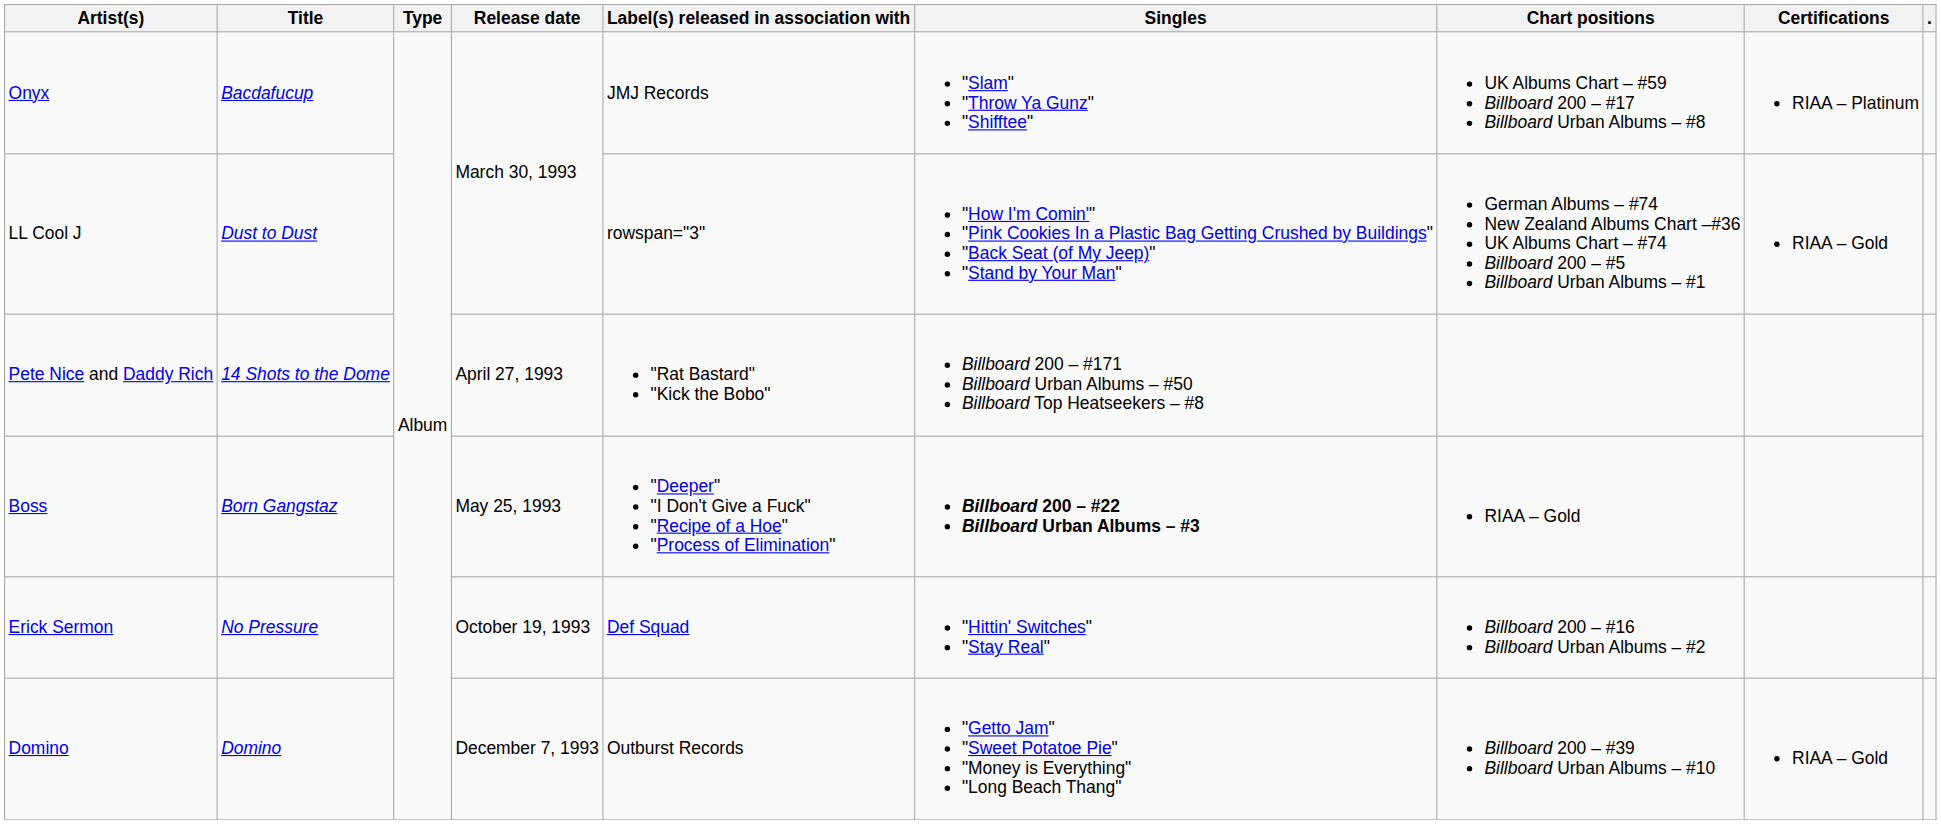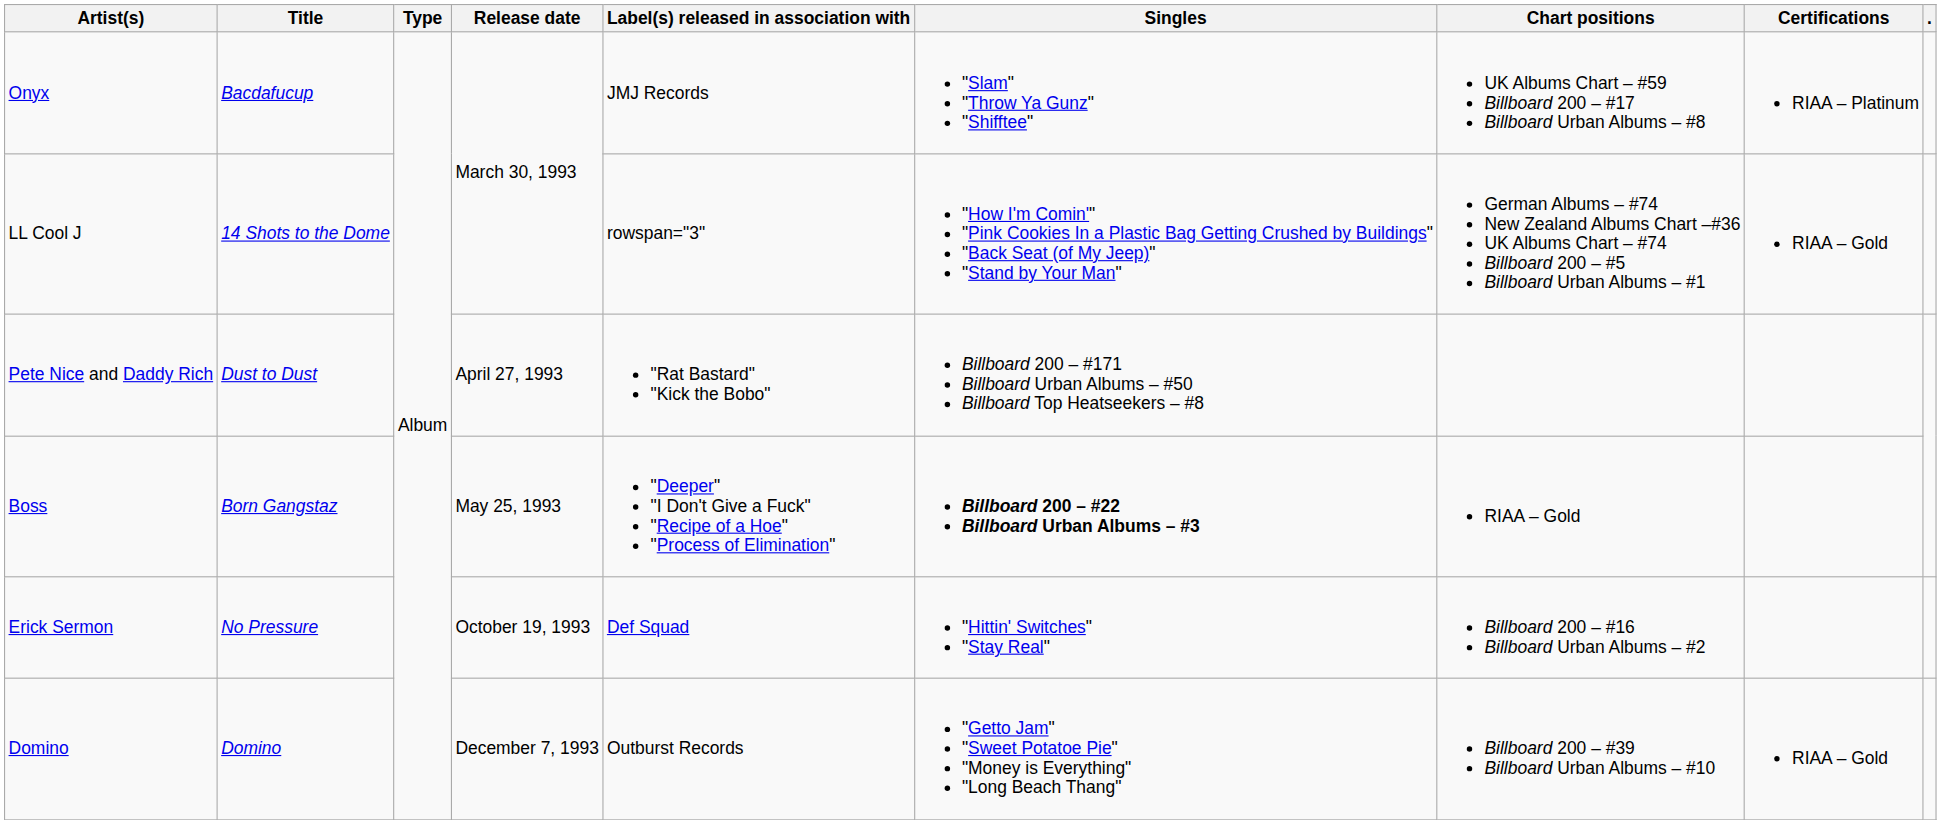 <table class="wikitable">
 <tr>
 <th>Artist(s)</th>
 <th>Title</th>
 <th>Type</th>
 <th>Release date</th>
 <th>Label(s) released in association with</th>
 <th>Singles</th>
 <th>Chart positions</th>
 <th>Certifications</th>
 <th>.</th>
 </tr>
 <tr>
 <td><a href='#'>Onyx</a></td>
 <td><em><a href='#'>Bacdafucup</a></em></td>
 <td rowspan="6">Album</td>
 <td rowspan="2">March 30, 1993</td>
 <td>JMJ Records</td>
 <td><br><ul><li>"<a href='#'>Slam</a>"</li><li>"<a href='#'>Throw Ya Gunz</a>"</li><li>"<a href='#'>Shifftee</a>"</li></ul></td>
 <td><br><ul><li>UK Albums Chart – #59</li><li><em>Billboard</em> 200 – #17</li><li><em>Billboard</em> Urban Albums – #8</li></ul></td>
 <td><br><ul><li>RIAA – Platinum</li></ul></td>
 <td></td>
 </tr>
 <tr>
 <td>LL Cool J</td>
-<td><a href='#'><em>Dust to Dust</em></a></td>
+<td><em><a href='#'>14 Shots to the Dome</a></em></td>
 <td>rowspan="3" </td>
 <td><br><ul><li>"<a href='#'>How I'm Comin'</a>"</li><li>"<a href='#'>Pink Cookies In a Plastic Bag Getting Crushed by Buildings</a>"</li><li>"<a href='#'>Back Seat (of My Jeep)</a>"</li><li>"<a href='#'>Stand by Your Man</a>"</li></ul></td>
 <td><br><ul><li>German Albums – #74</li><li>New Zealand Albums Chart –#36</li><li>UK Albums Chart – #74</li><li><em>Billboard</em> 200 – #5</li><li><em>Billboard</em> Urban Albums – #1</li></ul></td>
 <td><br><ul><li>RIAA – Gold</li></ul></td>
 <td></td>
 </tr>
 <tr>
 <td><a href='#'>Pete Nice</a> and <a href='#'>Daddy Rich</a></td>
-<td><em><a href='#'>14 Shots to the Dome</a></em></td>
+<td><a href='#'><em>Dust to Dust</em></a></td>
 <td>April 27, 1993</td>
 <td><br><ul><li>"Rat Bastard"</li><li>"Kick the Bobo"</li></ul></td>
 <td><br><ul><li><em>Billboard</em> 200 – #171</li><li><em>Billboard</em> Urban Albums – #50</li><li><em>Billboard</em> Top Heatseekers – #8</li></ul></td>
 <td></td>
 <td></td>
 </tr>
 <tr>
 <td><a href='#'>Boss</a></td>
 <td><em><a href='#'>Born Gangstaz</a></em></td>
 <td>May 25, 1993</td>
 <td><br><ul><li>"<a href='#'>Deeper</a>"</li><li>"I Don't Give a Fuck"</li><li>"<a href='#'>Recipe of a Hoe</a>"</li><li>"<a href='#'>Process of Elimination</a>"</li></ul></td>
 <td><strong><br><ul><li><em>Billboard</em> 200 – #22</li><li><em>Billboard</em> Urban Albums – #3</li></ul></strong></td>
 <td><br><ul><li>RIAA – Gold</li></ul></td>
 <td></td>
 </tr>
 <tr>
 <td><a href='#'>Erick Sermon</a></td>
 <td><a href='#'><em>No Pressure</em></a></td>
 <td>October 19, 1993</td>
 <td><a href='#'>Def Squad</a></td>
 <td><br><ul><li>"<a href='#'>Hittin' Switches</a>"</li><li>"<a href='#'>Stay Real</a>"</li></ul></td>
 <td><br><ul><li><em>Billboard</em> 200 – #16</li><li><em>Billboard</em> Urban Albums – #2</li></ul></td>
 <td></td>
 <td></td>
 </tr>
 <tr>
 <td><a href='#'>Domino</a></td>
 <td><a href='#'><em>Domino</em></a></td>
 <td>December 7, 1993</td>
 <td>Outburst Records</td>
 <td><br><ul><li>"<a href='#'>Getto Jam</a>"</li><li>"<a href='#'>Sweet Potatoe Pie</a>"</li><li>"Money is Everything"</li><li>"Long Beach Thang"</li></ul></td>
 <td><br><ul><li><em>Billboard</em> 200 – #39</li><li><em>Billboard</em> Urban Albums – #10</li></ul></td>
 <td><br><ul><li>RIAA – Gold</li></ul></td>
 <td></td>
 </tr>
 </table>
